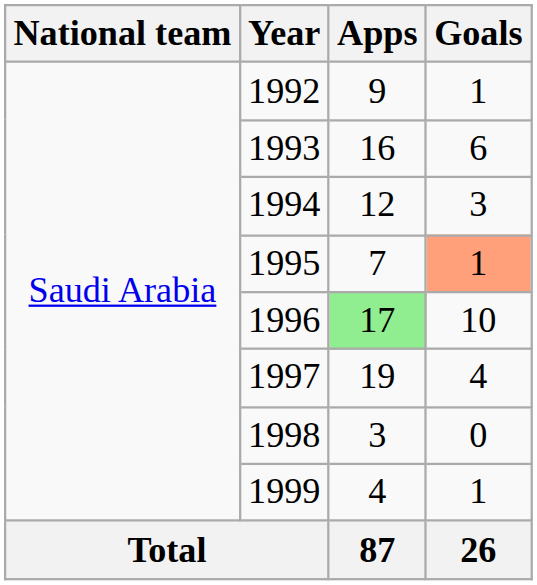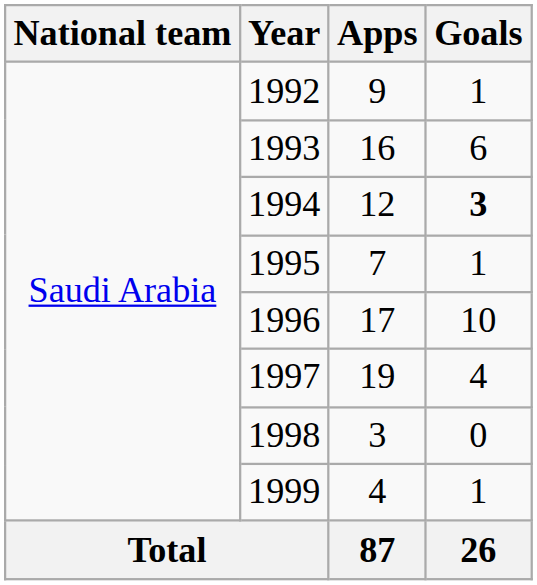 <table class="wikitable" style="text-align:center">
 <tr>
 <th>National team</th>
 <th>Year</th>
 <th>Apps</th>
 <th>Goals</th>
 </tr>
 <tr>
 <td rowspan="8"><a href='#'>Saudi Arabia</a></td>
 <td>1992</td>
 <td>9</td>
 <td>1</td>
 </tr>
 <tr>
 <td>1993</td>
 <td>16</td>
 <td>6</td>
 </tr>
 <tr>
 <td>1994</td>
 <td>12</td>
-<td>3</td>
+<td><strong>3</strong></td>
 </tr>
 <tr>
 <td>1995</td>
 <td>7</td>
-<td style="background: lightsalmon;">1</td>
+<td>1</td>
 </tr>
 <tr>
 <td>1996</td>
-<td style="background: lightgreen;">17</td>
+<td>17</td>
 <td>10</td>
 </tr>
 <tr>
 <td>1997</td>
 <td>19</td>
 <td>4</td>
 </tr>
 <tr>
 <td>1998</td>
 <td>3</td>
 <td>0</td>
 </tr>
 <tr>
 <td>1999</td>
 <td>4</td>
 <td>1</td>
 </tr>
 <tr>
 <th colspan="2">Total</th>
 <th>87</th>
 <th>26</th>
 </tr>
 </table>
